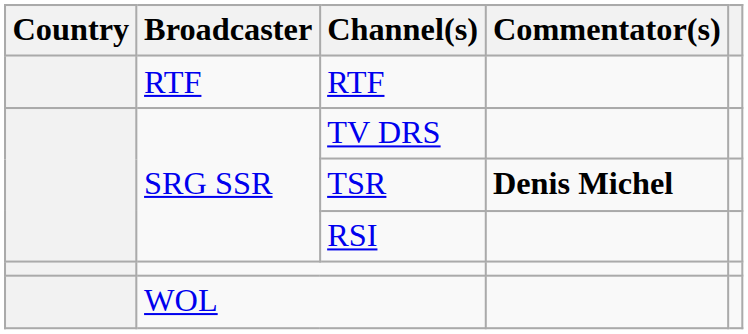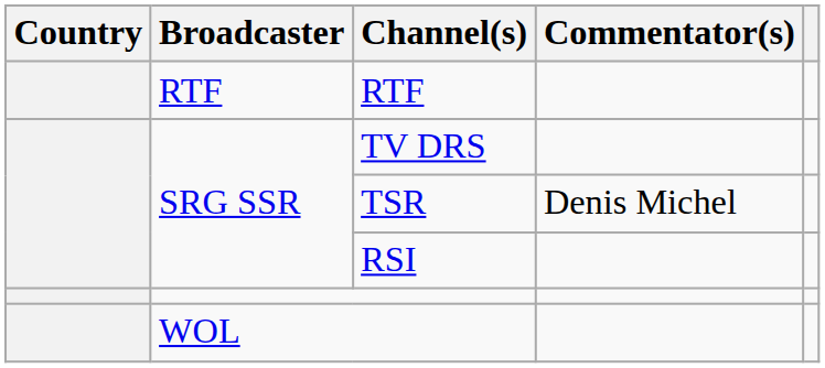 <table class="wikitable plainrowheaders">
 <tr>
 <th scope="col">Country</th>
 <th scope="col">Broadcaster</th>
 <th scope="col">Channel(s)</th>
 <th scope="col">Commentator(s)</th>
 <th scope="col"></th>
 </tr>
 <tr>
 <th scope="row"></th>
 <td><a href='#'>RTF</a></td>
 <td><a href='#'>RTF</a></td>
 <td></td>
 <td style="text-align:center"></td>
 </tr>
 <tr>
 <th scope="rowgroup" rowspan="3"></th>
 <td rowspan="3"><a href='#'>SRG SSR</a></td>
 <td><a href='#'>TV DRS</a></td>
 <td></td>
 <td style="text-align:center"></td>
 </tr>
 <tr>
 <td><a href='#'>TSR</a></td>
-<td><strong>Denis Michel</strong></td>
+<td>Denis Michel</td>
 <td style="text-align:center"></td>
 </tr>
 <tr>
 <td><a href='#'>RSI</a></td>
 <td></td>
 <td style="text-align:center"></td>
 </tr>
 <tr>
 <th scope="row"></th>
 <td colspan="2"></td>
 <td></td>
 <td style="text-align:center"></td>
 </tr>
 <tr>
 <th scope="rowgroup"></th>
 <td colspan="2"><a href='#'>WOL</a></td>
 <td></td>
 <td style="text-align:center"></td>
 </tr>
 </table>
